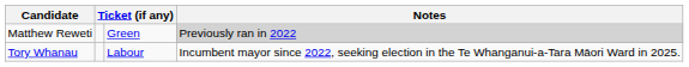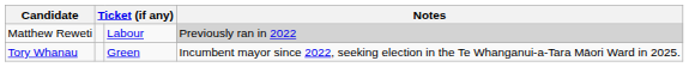 <table class="wikitable" style="font-size: 95%">
 <tr>
 <th>Candidate</th>
 <th colspan=2><a href='#'>Ticket</a> (if any)</th>
 <th>Notes</th>
 </tr>
 <tr>
 <td>Matthew Reweti</td>
 <td style="background-color:"></td>
-<td><a href='#'>Green</a></td>
+<td><a href='#'>Labour</a></td>
 <td style="background: lightgrey;">Previously ran in <a href='#'>2022</a></td>
 </tr>
 <tr>
 <td><a href='#'>Tory Whanau</a></td>
 <td style="background-color:"></td>
-<td><a href='#'>Labour</a></td>
+<td><a href='#'>Green</a></td>
 <td>Incumbent mayor since <a href='#'>2022</a>, seeking election in the Te Whanganui-a-Tara Māori Ward in 2025.</td>
 </tr>
 </table>
